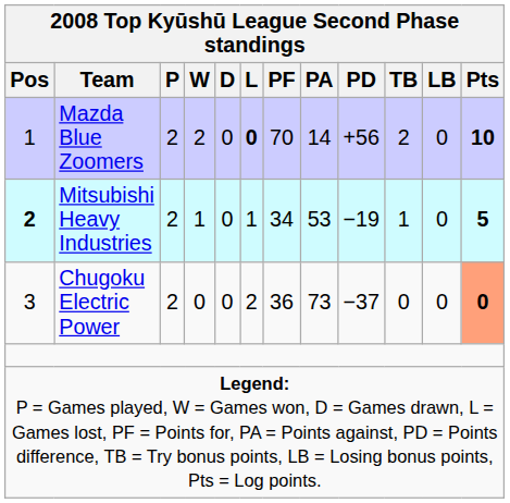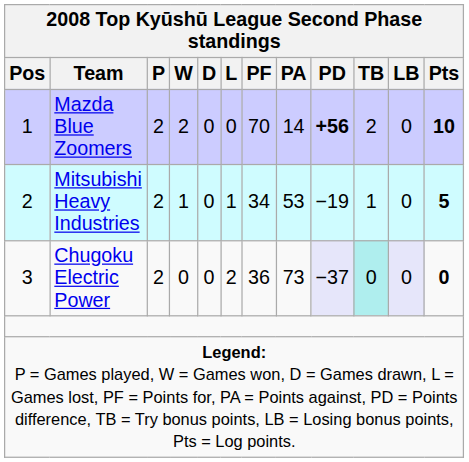 <table class="wikitable" style="text-align:center; font-size:100%; width:60%;">
 <tr>
 <th colspan="100%" cellpadding="0" cellspacing="0"><strong>2008 Top Kyūshū League Second Phase standings</strong></th>
 </tr>
 <tr>
 <th style="width:6%;">Pos</th>
 <th style="width:34%;">Team</th>
 <th style="width:6%;">P</th>
 <th style="width:6%;">W</th>
 <th style="width:6%;">D</th>
 <th style="width:6%;">L</th>
 <th style="width:6%;">PF</th>
 <th style="width:6%;">PA</th>
 <th style="width:6%;">PD</th>
 <th style="width:6%;">TB</th>
 <th style="width:6%;">LB</th>
 <th style="width:6%;">Pts<br></th>
 </tr>
 <tr style="background:#CCCCFF;">
 <td>1</td>
 <td style="text-align:left;"><a href='#'>Mazda Blue Zoomers</a></td>
 <td>2</td>
 <td>2</td>
 <td>0</td>
-<td><strong>0</strong></td>
+<td>0</td>
 <td>70</td>
 <td>14</td>
-<td>+56</td>
+<td><strong>+56</strong></td>
 <td>2</td>
 <td>0</td>
 <td><strong>10</strong></td>
 </tr>
 <tr style="background:#CFFCFF;">
-<td><strong>2</strong></td>
+<td>2</td>
 <td style="text-align:left;"><a href='#'>Mitsubishi Heavy Industries</a></td>
 <td>2</td>
 <td>1</td>
 <td>0</td>
 <td>1</td>
 <td>34</td>
 <td>53</td>
 <td>−19</td>
 <td>1</td>
 <td>0</td>
 <td><strong>5</strong></td>
 </tr>
 <tr>
 <td>3</td>
 <td style="text-align:left;"><a href='#'>Chugoku Electric Power</a></td>
 <td>2</td>
 <td>0</td>
 <td>0</td>
 <td>2</td>
 <td>36</td>
 <td>73</td>
-<td>−37</td>
-<td>0</td>
-<td>0</td>
-<td style="background: lightsalmon;"><strong>0</strong></td>
+<td style="background: lavender;">−37</td>
+<td style="background: paleturquoise;">0</td>
+<td style="background: lavender;">0</td>
+<td><strong>0</strong></td>
 </tr>
 <tr>
 <td colspan="100%" style="height:10px;"></td>
 </tr>
 <tr>
 <td colspan="100%"><small><strong>Legend:</strong> <br> P = Games played, W = Games won, D = Games drawn, L = Games lost, PF = Points for, PA = Points against, PD = Points difference, TB = Try bonus points, LB = Losing bonus points, Pts = Log points.</small></td>
 </tr>
 </table>
